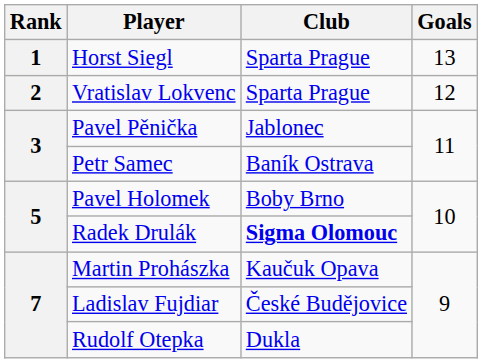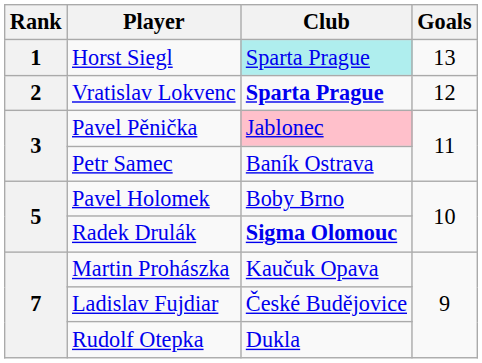 <table class="wikitable" style="text-align:center">
 <tr>
 <th>Rank</th>
 <th>Player</th>
 <th>Club</th>
 <th>Goals</th>
 </tr>
 <tr>
 <th>1</th>
 <td align="left"> <a href='#'>Horst Siegl</a></td>
-<td align="left"><a href='#'>Sparta Prague</a></td>
+<td align="left" style="background: paleturquoise;"><a href='#'>Sparta Prague</a></td>
 <td>13</td>
 </tr>
 <tr>
 <th>2</th>
 <td align="left"> <a href='#'>Vratislav Lokvenc</a></td>
-<td align="left"><a href='#'>Sparta Prague</a></td>
+<td align="left"><strong><a href='#'>Sparta Prague</a></strong></td>
 <td>12</td>
 </tr>
 <tr>
 <th rowspan="2">3</th>
 <td align="left"> <a href='#'>Pavel Pěnička</a></td>
-<td align="left"><a href='#'>Jablonec</a></td>
+<td align="left" style="background: pink;"><a href='#'>Jablonec</a></td>
 <td rowspan="2">11</td>
 </tr>
 <tr>
 <td align="left"> <a href='#'>Petr Samec</a></td>
 <td align="left"><a href='#'>Baník Ostrava</a></td>
 </tr>
 <tr>
 <th rowspan="2">5</th>
 <td align="left"> <a href='#'>Pavel Holomek</a></td>
 <td align="left"><a href='#'>Boby Brno</a></td>
 <td rowspan="2">10</td>
 </tr>
 <tr>
 <td align="left"> <a href='#'>Radek Drulák</a></td>
 <td align="left"><strong><a href='#'>Sigma Olomouc</a></strong></td>
 </tr>
 <tr>
 <th rowspan="3">7</th>
 <td align="left"> <a href='#'>Martin Prohászka</a></td>
 <td align="left"><a href='#'>Kaučuk Opava</a></td>
 <td rowspan="3">9</td>
 </tr>
 <tr>
 <td align="left"> <a href='#'>Ladislav Fujdiar</a></td>
 <td align="left"><a href='#'>České Budějovice</a></td>
 </tr>
 <tr>
 <td align="left"> <a href='#'>Rudolf Otepka</a></td>
 <td align="left"><a href='#'>Dukla</a></td>
 </tr>
 </table>
